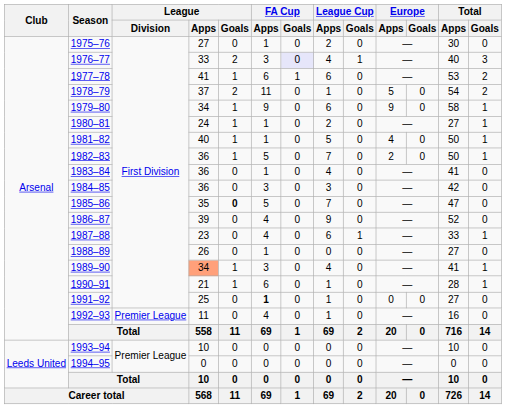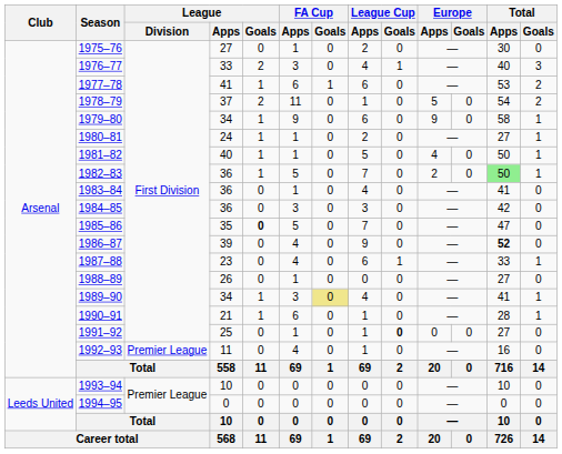 <table class="wikitable" style="text-align:center">
 <tr>
 <th rowspan="2">Club</th>
 <th rowspan="2">Season</th>
 <th colspan="3">League</th>
 <th colspan="2"><a href='#'>FA Cup</a></th>
 <th colspan="2"><a href='#'>League Cup</a></th>
 <th colspan="2"><a href='#'>Europe</a></th>
 <th colspan="2">Total</th>
 </tr>
 <tr>
 <th>Division</th>
 <th>Apps</th>
 <th>Goals</th>
 <th>Apps</th>
 <th>Goals</th>
 <th>Apps</th>
 <th>Goals</th>
 <th>Apps</th>
 <th>Goals</th>
 <th>Apps</th>
 <th>Goals</th>
 </tr>
 <tr>
 <td rowspan="19"><a href='#'>Arsenal</a></td>
 <td><a href='#'>1975–76</a></td>
 <td rowspan="17"><a href='#'>First Division</a></td>
 <td>27</td>
 <td>0</td>
 <td>1</td>
 <td>0</td>
 <td>2</td>
 <td>0</td>
 <td colspan=2>—</td>
 <td>30</td>
 <td>0</td>
 </tr>
 <tr>
 <td><a href='#'>1976–77</a></td>
 <td>33</td>
 <td>2</td>
 <td>3</td>
-<td style="background: lavender;">0</td>
+<td>0</td>
 <td>4</td>
 <td>1</td>
 <td colspan=2>—</td>
 <td>40</td>
 <td>3</td>
 </tr>
 <tr>
 <td><a href='#'>1977–78</a></td>
 <td>41</td>
 <td>1</td>
 <td>6</td>
 <td>1</td>
 <td>6</td>
 <td>0</td>
 <td colspan=2>—</td>
 <td>53</td>
 <td>2</td>
 </tr>
 <tr>
 <td><a href='#'>1978–79</a></td>
 <td>37</td>
 <td>2</td>
 <td>11</td>
 <td>0</td>
 <td>1</td>
 <td>0</td>
 <td>5</td>
 <td>0</td>
 <td>54</td>
 <td>2</td>
 </tr>
 <tr>
 <td><a href='#'>1979–80</a></td>
 <td>34</td>
 <td>1</td>
 <td>9</td>
 <td>0</td>
 <td>6</td>
 <td>0</td>
 <td>9</td>
 <td>0</td>
 <td>58</td>
 <td>1</td>
 </tr>
 <tr>
 <td><a href='#'>1980–81</a></td>
 <td>24</td>
 <td>1</td>
 <td>1</td>
 <td>0</td>
 <td>2</td>
 <td>0</td>
 <td colspan=2>—</td>
 <td>27</td>
 <td>1</td>
 </tr>
 <tr>
 <td><a href='#'>1981–82</a></td>
 <td>40</td>
 <td>1</td>
 <td>1</td>
 <td>0</td>
 <td>5</td>
 <td>0</td>
 <td>4</td>
 <td>0</td>
 <td>50</td>
 <td>1</td>
 </tr>
 <tr>
 <td><a href='#'>1982–83</a></td>
 <td>36</td>
 <td>1</td>
 <td>5</td>
 <td>0</td>
 <td>7</td>
 <td>0</td>
 <td>2</td>
 <td>0</td>
-<td>50</td>
+<td style="background: lightgreen;">50</td>
 <td>1</td>
 </tr>
 <tr>
 <td><a href='#'>1983–84</a></td>
 <td>36</td>
 <td>0</td>
 <td>1</td>
 <td>0</td>
 <td>4</td>
 <td>0</td>
 <td colspan=2>—</td>
 <td>41</td>
 <td>0</td>
 </tr>
 <tr>
 <td><a href='#'>1984–85</a></td>
 <td>36</td>
 <td>0</td>
 <td>3</td>
 <td>0</td>
 <td>3</td>
 <td>0</td>
 <td colspan=2>—</td>
 <td>42</td>
 <td>0</td>
 </tr>
 <tr>
 <td><a href='#'>1985–86</a></td>
 <td>35</td>
 <td><strong>0</strong></td>
 <td>5</td>
 <td>0</td>
 <td>7</td>
 <td>0</td>
 <td colspan=2>—</td>
 <td>47</td>
 <td>0</td>
 </tr>
 <tr>
 <td><a href='#'>1986–87</a></td>
 <td>39</td>
 <td>0</td>
 <td>4</td>
 <td>0</td>
 <td>9</td>
 <td>0</td>
 <td colspan=2>—</td>
-<td>52</td>
+<td><strong>52</strong></td>
 <td>0</td>
 </tr>
 <tr>
 <td><a href='#'>1987–88</a></td>
 <td>23</td>
 <td>0</td>
 <td>4</td>
 <td>0</td>
 <td>6</td>
 <td>1</td>
 <td colspan=2>—</td>
 <td>33</td>
 <td>1</td>
 </tr>
 <tr>
 <td><a href='#'>1988–89</a></td>
 <td>26</td>
 <td>0</td>
 <td>1</td>
 <td>0</td>
 <td>0</td>
 <td>0</td>
 <td colspan=2>—</td>
 <td>27</td>
 <td>0</td>
 </tr>
 <tr>
 <td><a href='#'>1989–90</a></td>
-<td style="background: lightsalmon;">34</td>
+<td>34</td>
 <td>1</td>
 <td>3</td>
-<td>0</td>
+<td style="background: khaki;">0</td>
 <td>4</td>
 <td>0</td>
 <td colspan=2>—</td>
 <td>41</td>
 <td>1</td>
 </tr>
 <tr>
 <td><a href='#'>1990–91</a></td>
 <td>21</td>
 <td>1</td>
 <td>6</td>
 <td>0</td>
 <td>1</td>
 <td>0</td>
 <td colspan=2>—</td>
 <td>28</td>
 <td>1</td>
 </tr>
 <tr>
 <td><a href='#'>1991–92</a></td>
 <td>25</td>
 <td>0</td>
-<td><strong>1</strong></td>
+<td>1</td>
 <td>0</td>
 <td>1</td>
-<td>0</td>
+<td><strong>0</strong></td>
 <td>0</td>
 <td>0</td>
 <td>27</td>
 <td>0</td>
 </tr>
 <tr>
 <td><a href='#'>1992–93</a></td>
 <td><a href='#'>Premier League</a></td>
 <td>11</td>
 <td>0</td>
 <td>4</td>
 <td>0</td>
 <td>1</td>
 <td>0</td>
 <td colspan=2>—</td>
 <td>16</td>
 <td>0</td>
 </tr>
 <tr>
 <th colspan="2">Total</th>
 <th>558</th>
 <th>11</th>
 <th>69</th>
 <th>1</th>
 <th>69</th>
 <th>2</th>
 <th>20</th>
 <th>0</th>
 <th>716</th>
 <th>14</th>
 </tr>
 <tr>
 <td rowspan="3"><a href='#'>Leeds United</a></td>
 <td><a href='#'>1993–94</a></td>
 <td rowspan="2">Premier League</td>
 <td>10</td>
 <td>0</td>
 <td>0</td>
 <td>0</td>
 <td>0</td>
 <td>0</td>
 <td colspan=2>—</td>
 <td>10</td>
 <td>0</td>
 </tr>
 <tr>
 <td><a href='#'>1994–95</a></td>
 <td>0</td>
 <td>0</td>
 <td>0</td>
 <td>0</td>
 <td>0</td>
 <td>0</td>
 <td colspan=2>—</td>
 <td>0</td>
 <td>0</td>
 </tr>
 <tr>
 <th colspan="2">Total</th>
 <th>10</th>
 <th>0</th>
 <th>0</th>
 <th>0</th>
 <th>0</th>
 <th>0</th>
 <th colspan=2>—</th>
 <th>10</th>
 <th>0</th>
 </tr>
 <tr>
 <th colspan="3">Career total</th>
 <th>568</th>
 <th>11</th>
 <th>69</th>
 <th>1</th>
 <th>69</th>
 <th>2</th>
 <th>20</th>
 <th>0</th>
 <th>726</th>
 <th>14</th>
 </tr>
 </table>
